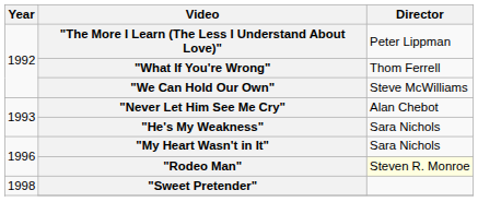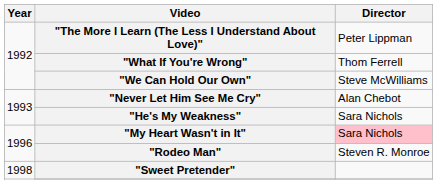 <table class="wikitable plainrowheaders">
 <tr>
 <th>Year</th>
 <th style="width:26em;">Video</th>
 <th>Director</th>
 </tr>
 <tr>
 <td rowspan="3">1992</td>
 <th scope="row">"The More I Learn (The Less I Understand About Love)"</th>
 <td>Peter Lippman</td>
 </tr>
 <tr>
 <th scope="row">"What If You're Wrong"</th>
 <td>Thom Ferrell</td>
 </tr>
 <tr>
 <th scope="row">"We Can Hold Our Own"</th>
 <td>Steve McWilliams</td>
 </tr>
 <tr>
 <td rowspan="2">1993</td>
 <th scope="row">"Never Let Him See Me Cry"</th>
 <td>Alan Chebot</td>
 </tr>
 <tr>
 <th scope="row">"He's My Weakness"</th>
 <td>Sara Nichols</td>
 </tr>
 <tr>
 <td rowspan="2">1996</td>
 <th scope="row">"My Heart Wasn't in It"</th>
-<td>Sara Nichols</td>
+<td style="background: pink;">Sara Nichols</td>
 </tr>
 <tr>
 <th scope="row">"Rodeo Man"</th>
-<td style="background: lightyellow;">Steven R. Monroe</td>
+<td>Steven R. Monroe</td>
 </tr>
 <tr>
 <td rowspan="3">1998</td>
 <th scope="row">"Sweet Pretender"</th>
 <td></td>
 </tr>
 <tr>
 </tr>
 </table>
